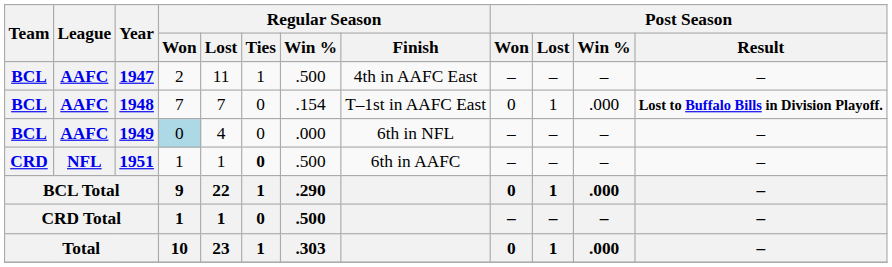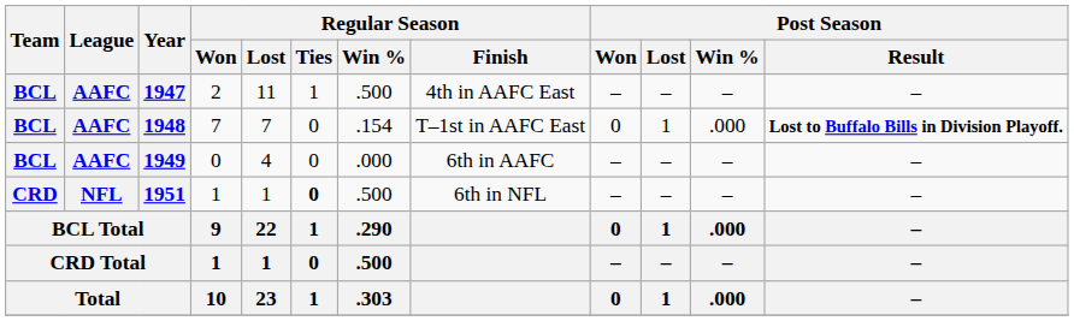 <table class="wikitable" style="font-size: 95%; text-align:center;">
 <tr>
 <th rowspan="2">Team</th>
 <th rowspan="2">League</th>
 <th rowspan="2">Year</th>
 <th colspan="5">Regular Season</th>
 <th colspan="4">Post Season</th>
 </tr>
 <tr>
 <th>Won</th>
 <th>Lost</th>
 <th>Ties</th>
 <th>Win %</th>
 <th>Finish</th>
 <th>Won</th>
 <th>Lost</th>
 <th>Win %</th>
 <th>Result</th>
 </tr>
 <tr>
 <th><a href='#'>BCL</a></th>
 <th><a href='#'>AAFC</a></th>
 <th><a href='#'>1947</a></th>
 <td>2</td>
 <td>11</td>
 <td>1</td>
 <td>.500</td>
 <td>4th in AAFC East</td>
 <td>–</td>
 <td>–</td>
 <td>–</td>
 <td>–</td>
 </tr>
 <tr>
 <th><a href='#'>BCL</a></th>
 <th><a href='#'>AAFC</a></th>
 <th><a href='#'>1948</a></th>
 <td>7</td>
 <td>7</td>
 <td>0</td>
 <td>.154</td>
 <td>T–1st in AAFC East</td>
 <td>0</td>
 <td>1</td>
 <td>.000</td>
 <td><small><strong>Lost to <a href='#'>Buffalo Bills</a> in Division Playoff.</strong></small></td>
 </tr>
 <tr>
 <th><a href='#'>BCL</a></th>
 <th><a href='#'>AAFC</a></th>
 <th><a href='#'>1949</a></th>
-<td style="background: lightblue;">0</td>
+<td>0</td>
 <td>4</td>
 <td>0</td>
 <td>.000</td>
-<td>6th in NFL</td>
+<td>6th in AAFC</td>
 <td>–</td>
 <td>–</td>
 <td>–</td>
 <td>–</td>
 </tr>
 <tr>
 <th><a href='#'>CRD</a></th>
 <th><a href='#'>NFL</a></th>
 <th><a href='#'>1951</a></th>
 <td>1</td>
 <td>1</td>
 <td><strong>0</strong></td>
 <td>.500</td>
-<td>6th in AAFC</td>
+<td>6th in NFL</td>
 <td>–</td>
 <td>–</td>
 <td>–</td>
 <td>–</td>
 </tr>
 <tr>
 <th colspan="3">BCL Total</th>
 <th>9</th>
 <th>22</th>
 <th>1</th>
 <th>.290</th>
 <th></th>
 <th>0</th>
 <th>1</th>
 <th>.000</th>
 <th>–</th>
 </tr>
 <tr>
 <th colspan="3">CRD Total</th>
 <th>1</th>
 <th>1</th>
 <th>0</th>
 <th>.500</th>
 <th></th>
 <th>–</th>
 <th>–</th>
 <th>–</th>
 <th>–</th>
 </tr>
 <tr>
 <th colspan="3">Total</th>
 <th>10</th>
 <th>23</th>
 <th>1</th>
 <th>.303</th>
 <th></th>
 <th>0</th>
 <th>1</th>
 <th>.000</th>
 <th>–</th>
 </tr>
 <tr>
 </tr>
 </table>
